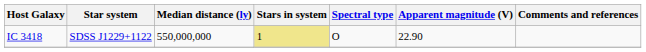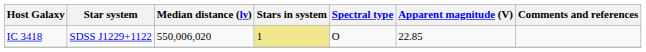 <table class="wikitable sortable" style="font-size:1.00em; line-height:1.5em; position:relative;">
 <tr>
 <th scope="col">Host Galaxy</th>
 <th scope="col">Star system</th>
 <th scope="col">Median distance (<a href='#'>ly</a>)</th>
 <th scope="col">Stars in system</th>
 <th scope="col"><a href='#'>Spectral type</a></th>
 <th scope="col"><a href='#'>Apparent magnitude</a> (V)</th>
 <th scope="col">Comments and references</th>
 </tr>
 <tr>
 <td><a href='#'>IC 3418</a></td>
 <td><a href='#'>SDSS J1229+1122</a></td>
-<td>550,000,000</td>
+<td>550,006,020</td>
 <td style="background: khaki;">1</td>
 <td style="background: ">O</td>
-<td>22.90</td>
+<td>22.85</td>
 <td></td>
 </tr>
 <tr>
 </tr>
 </table>
